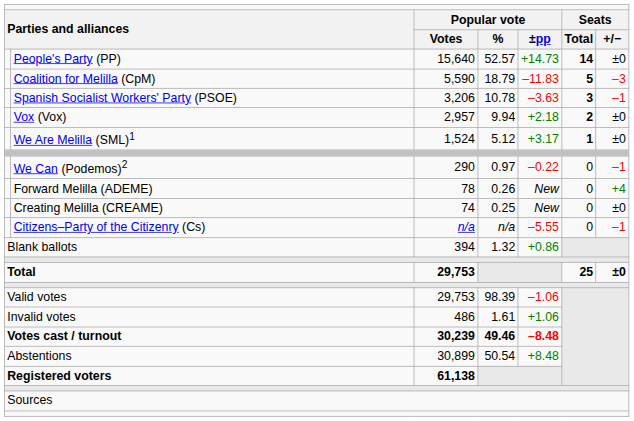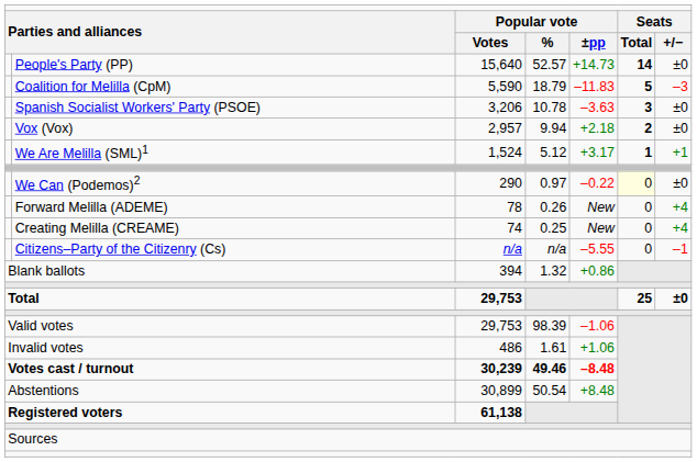 <table class="wikitable" style="text-align:right;">
 <tr>
 <td colspan="7"></td>
 </tr>
 <tr>
 <th style="text-align:left;" rowspan="2" colspan="2" width="525">Parties and alliances</th>
 <th colspan="3">Popular vote</th>
 <th colspan="2">Seats</th>
 </tr>
 <tr>
 <th width="75">Votes</th>
 <th width="45">%</th>
 <th width="45">±<a href='#'>pp</a></th>
 <th width="35">Total</th>
 <th width="35">+/−</th>
 </tr>
 <tr>
 <td width="1" style="color:inherit;background:"></td>
 <td align="left"><a href='#'>People's Party</a> (PP)</td>
 <td>15,640</td>
 <td>52.57</td>
 <td style="color:green;">+14.73</td>
 <td><strong>14</strong></td>
 <td>±0</td>
 </tr>
 <tr>
 <td style="color:inherit;background:"></td>
 <td align="left"><a href='#'>Coalition for Melilla</a> (CpM)</td>
 <td>5,590</td>
 <td>18.79</td>
 <td style="color:red;">–11.83</td>
 <td><strong>5</strong></td>
 <td style="color:red;">–3</td>
 </tr>
 <tr>
 <td style="color:inherit;background:"></td>
 <td align="left"><a href='#'>Spanish Socialist Workers' Party</a> (PSOE)</td>
 <td>3,206</td>
 <td>10.78</td>
 <td style="color:red;">–3.63</td>
 <td><strong>3</strong></td>
-<td style="color:red;">–1</td>
+<td>±0</td>
 </tr>
 <tr>
 <td style="color:inherit;background:"></td>
 <td align="left"><a href='#'>Vox</a> (Vox)</td>
 <td>2,957</td>
 <td>9.94</td>
 <td style="color:green;">+2.18</td>
 <td><strong>2</strong></td>
 <td>±0</td>
 </tr>
 <tr>
 <td style="color:inherit;background:"></td>
 <td align="left"><a href='#'>We Are Melilla</a> (SML)<sup>1</sup></td>
 <td>1,524</td>
 <td>5.12</td>
 <td style="color:green;">+3.17</td>
 <td><strong>1</strong></td>
-<td>±0</td>
+<td style="color:green;">+1</td>
 </tr>
 <tr>
 <td colspan="7" bgcolor="#C0C0C0"></td>
 </tr>
 <tr>
 <td style="color:inherit;background:"></td>
 <td align="left"><a href='#'>We Can</a> (Podemos)<sup>2</sup></td>
 <td>290</td>
 <td>0.97</td>
 <td style="color:red;">–0.22</td>
-<td>0</td>
-<td style="color:red;">–1</td>
+<td style="background: lightyellow;">0</td>
+<td>±0</td>
 </tr>
 <tr>
 <td style="color:inherit;background:"></td>
 <td align="left">Forward Melilla (ADEME)</td>
 <td>78</td>
 <td>0.26</td>
 <td><em>New</em></td>
 <td>0</td>
 <td style="color:green;">+4</td>
 </tr>
 <tr>
 <td style="color:inherit;background:"></td>
 <td align="left">Creating Melilla (CREAME)</td>
 <td>74</td>
 <td>0.25</td>
 <td><em>New</em></td>
 <td>0</td>
-<td>±0</td>
+<td style="color:green;">+4</td>
 </tr>
 <tr>
 <td style="color:inherit;background:"></td>
 <td align="left"><a href='#'>Citizens–Party of the Citizenry</a> (Cs)</td>
 <td><em><a href='#'>n/a</a></em></td>
 <td><em>n/a</em></td>
 <td style="color:red;">–5.55</td>
 <td>0</td>
 <td style="color:red;">–1</td>
 </tr>
 <tr>
 <td align="left" colspan="2">Blank ballots</td>
 <td>394</td>
 <td>1.32</td>
 <td style="color:green;">+0.86</td>
 <td bgcolor="#E9E9E9" colspan="2"></td>
 </tr>
 <tr>
 <td colspan="7" bgcolor="#E9E9E9"></td>
 </tr>
 <tr style="font-weight:bold;">
 <td align="left" colspan="2">Total</td>
 <td>29,753</td>
 <td bgcolor="#E9E9E9" colspan="2"></td>
 <td>25</td>
 <td>±0</td>
 </tr>
 <tr>
 <td colspan="7" bgcolor="#E9E9E9"></td>
 </tr>
 <tr>
 <td align="left" colspan="2">Valid votes</td>
 <td>29,753</td>
 <td>98.39</td>
 <td style="color:red;">–1.06</td>
 <td bgcolor="#E9E9E9" colspan="2" rowspan="5"></td>
 </tr>
 <tr>
 <td align="left" colspan="2">Invalid votes</td>
 <td>486</td>
 <td>1.61</td>
 <td style="color:green;">+1.06</td>
 </tr>
 <tr style="font-weight:bold;">
 <td align="left" colspan="2">Votes cast / turnout</td>
 <td>30,239</td>
 <td>49.46</td>
 <td style="color:red;">–8.48</td>
 </tr>
 <tr>
 <td align="left" colspan="2">Abstentions</td>
 <td>30,899</td>
 <td>50.54</td>
 <td style="color:green;">+8.48</td>
 </tr>
 <tr style="font-weight:bold;">
 <td align="left" colspan="2">Registered voters</td>
 <td>61,138</td>
 <td bgcolor="#E9E9E9" colspan="2"></td>
 </tr>
 <tr>
 <td colspan="7" bgcolor="#E9E9E9"></td>
 </tr>
 <tr>
 <td align="left" colspan="7">Sources</td>
 </tr>
 <tr>
 <td colspan="7" style="text-align:left; max-width:790px;"></td>
 </tr>
 </table>
